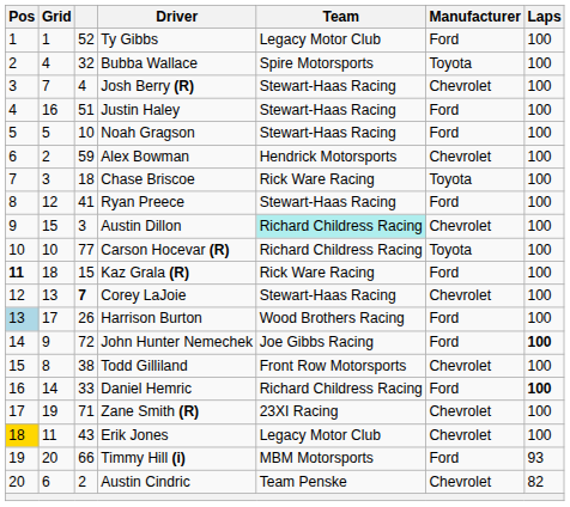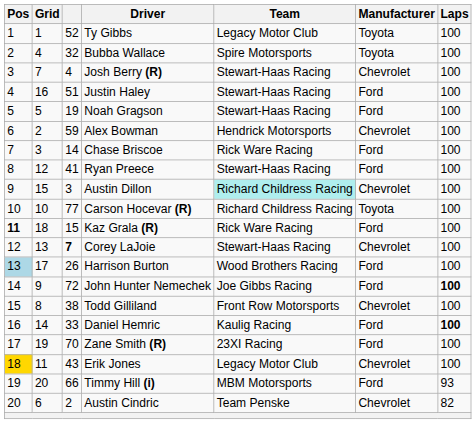 <table class="wikitable" style="font-size:98%">
 <tr>
 <th>Pos</th>
 <th>Grid</th>
 <th></th>
 <th>Driver</th>
 <th>Team</th>
 <th>Manufacturer</th>
 <th>Laps</th>
 </tr>
 <tr>
 <td>1</td>
 <td>1</td>
 <td>52</td>
 <td>Ty Gibbs</td>
 <td>Legacy Motor Club</td>
-<td>Ford</td>
+<td>Toyota</td>
 <td>100</td>
 </tr>
 <tr>
 <td>2</td>
 <td>4</td>
 <td>32</td>
 <td>Bubba Wallace</td>
 <td>Spire Motorsports</td>
 <td>Toyota</td>
 <td>100</td>
 </tr>
 <tr>
 <td>3</td>
 <td>7</td>
 <td>4</td>
 <td>Josh Berry <strong>(R)</strong></td>
 <td>Stewart-Haas Racing</td>
 <td>Chevrolet</td>
 <td>100</td>
 </tr>
 <tr>
 <td>4</td>
 <td>16</td>
 <td>51</td>
 <td>Justin Haley</td>
 <td>Stewart-Haas Racing</td>
 <td>Ford</td>
 <td>100</td>
 </tr>
 <tr>
 <td>5</td>
 <td>5</td>
-<td>10</td>
+<td>19</td>
 <td>Noah Gragson</td>
 <td>Stewart-Haas Racing</td>
 <td>Ford</td>
 <td>100</td>
 </tr>
 <tr>
 <td>6</td>
 <td>2</td>
 <td>59</td>
 <td>Alex Bowman</td>
 <td>Hendrick Motorsports</td>
 <td>Chevrolet</td>
 <td>100</td>
 </tr>
 <tr>
 <td>7</td>
 <td>3</td>
-<td>18</td>
+<td>14</td>
 <td>Chase Briscoe</td>
 <td>Rick Ware Racing</td>
-<td>Toyota</td>
+<td>Ford</td>
 <td>100</td>
 </tr>
 <tr>
 <td>8</td>
 <td>12</td>
 <td>41</td>
 <td>Ryan Preece</td>
 <td>Stewart-Haas Racing</td>
 <td>Ford</td>
 <td>100</td>
 </tr>
 <tr>
 <td>9</td>
 <td>15</td>
 <td>3</td>
 <td>Austin Dillon</td>
 <td style="background: paleturquoise;">Richard Childress Racing</td>
 <td>Chevrolet</td>
 <td>100</td>
 </tr>
 <tr>
 <td>10</td>
 <td>10</td>
 <td>77</td>
 <td>Carson Hocevar <strong>(R)</strong></td>
 <td>Richard Childress Racing</td>
 <td>Toyota</td>
 <td>100</td>
 </tr>
 <tr>
 <td><strong>11</strong></td>
 <td>18</td>
 <td>15</td>
 <td>Kaz Grala <strong>(R)</strong></td>
 <td>Rick Ware Racing</td>
 <td>Ford</td>
 <td>100</td>
 </tr>
 <tr>
 <td>12</td>
 <td>13</td>
 <td><strong>7</strong></td>
 <td>Corey LaJoie</td>
 <td>Stewart-Haas Racing</td>
 <td>Chevrolet</td>
 <td>100</td>
 </tr>
 <tr>
 <td style="background: lightblue;">13</td>
 <td>17</td>
 <td>26</td>
 <td>Harrison Burton</td>
 <td>Wood Brothers Racing</td>
 <td>Ford</td>
 <td>100</td>
 </tr>
 <tr>
 <td>14</td>
 <td>9</td>
 <td>72</td>
 <td>John Hunter Nemechek</td>
 <td>Joe Gibbs Racing</td>
 <td>Ford</td>
 <td><strong>100</strong></td>
 </tr>
 <tr>
 <td>15</td>
 <td>8</td>
 <td>38</td>
 <td>Todd Gilliland</td>
 <td>Front Row Motorsports</td>
 <td>Chevrolet</td>
 <td>100</td>
 </tr>
 <tr>
 <td>16</td>
 <td>14</td>
 <td>33</td>
 <td>Daniel Hemric</td>
-<td>Richard Childress Racing</td>
+<td>Kaulig Racing</td>
 <td>Ford</td>
 <td><strong>100</strong></td>
 </tr>
 <tr>
 <td>17</td>
 <td>19</td>
-<td>71</td>
+<td>70</td>
 <td>Zane Smith <strong>(R)</strong></td>
 <td>23XI Racing</td>
-<td>Chevrolet</td>
+<td>Ford</td>
 <td>100</td>
 </tr>
 <tr>
 <td style="background: gold;">18</td>
 <td>11</td>
 <td>43</td>
 <td>Erik Jones</td>
 <td>Legacy Motor Club</td>
 <td>Chevrolet</td>
 <td>100</td>
 </tr>
 <tr>
 <td>19</td>
 <td>20</td>
 <td>66</td>
 <td>Timmy Hill <strong>(i)</strong></td>
 <td>MBM Motorsports</td>
 <td>Ford</td>
 <td>93</td>
 </tr>
 <tr>
 <td>20</td>
 <td>6</td>
 <td>2</td>
 <td>Austin Cindric</td>
 <td>Team Penske</td>
 <td>Chevrolet</td>
 <td>82</td>
 </tr>
 <tr>
 <th colspan="7"></th>
 </tr>
 </table>
